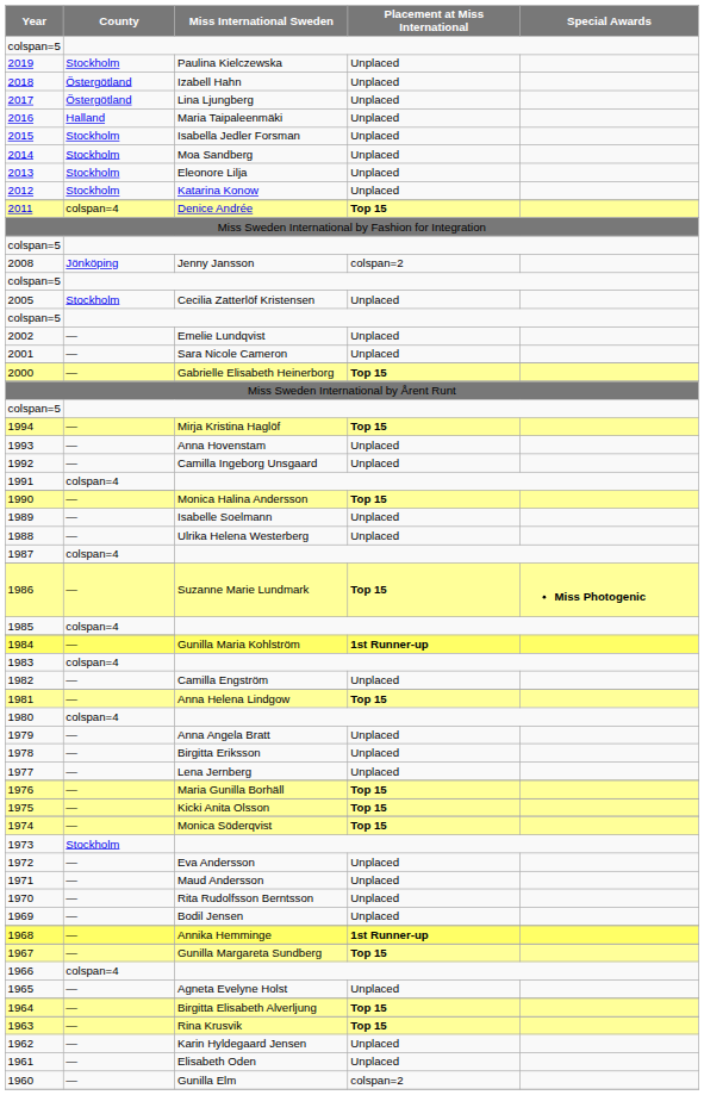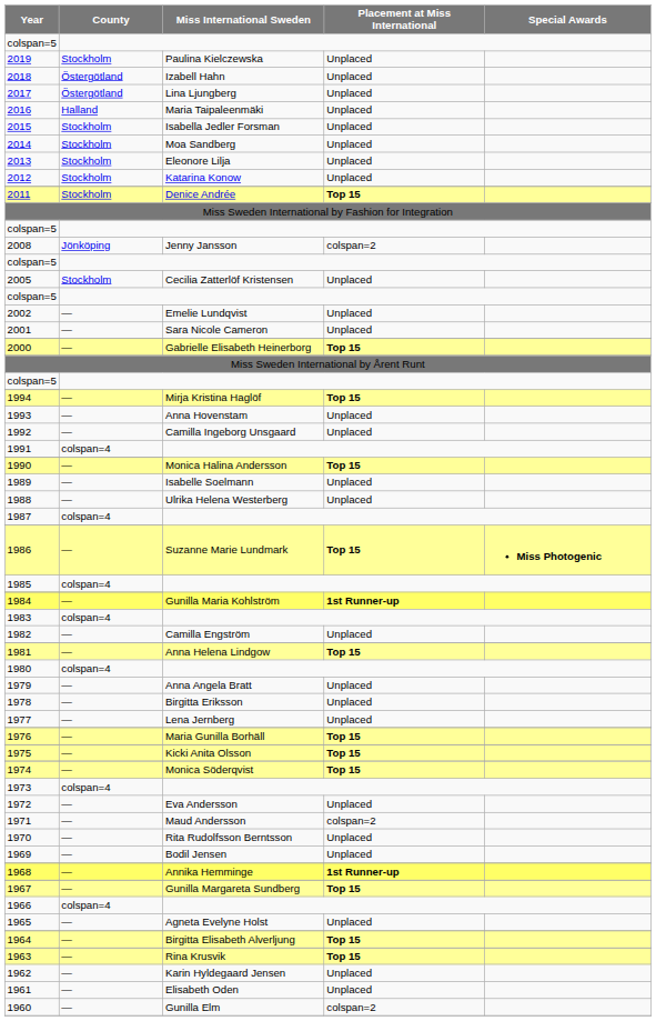 <table class="wikitable " style="font-size: 90%;">
 <tr>
 <th width="60" style="background-color:#787878;color:#FFFFFF;">Year</th>
 <th width="150" style="background-color:#787878;color:#FFFFFF;">County</th>
 <th width="250" style="background-color:#787878;color:#FFFFFF;">Miss International Sweden</th>
 <th width="250" style="background-color:#787878;color:#FFFFFF;">Placement at Miss International</th>
 <th width="250" style="background-color:#787878;color:#FFFFFF;">Special Awards</th>
 </tr>
 <tr>
 <td>colspan=5 </td>
 </tr>
 <tr>
 <td><a href='#'>2019</a></td>
 <td><a href='#'>Stockholm</a></td>
 <td>Paulina Kielczewska</td>
 <td>Unplaced</td>
 <td></td>
 </tr>
 <tr>
 <td><a href='#'>2018</a></td>
 <td><a href='#'>Östergötland</a></td>
 <td>Izabell Hahn</td>
 <td>Unplaced</td>
 <td></td>
 </tr>
 <tr>
 <td><a href='#'>2017</a></td>
 <td><a href='#'>Östergötland</a></td>
 <td>Lina Ljungberg</td>
 <td>Unplaced</td>
 <td></td>
 </tr>
 <tr>
 <td><a href='#'>2016</a></td>
 <td><a href='#'>Halland</a></td>
 <td>Maria Taipaleenmäki</td>
 <td>Unplaced</td>
 <td></td>
 </tr>
 <tr>
 <td><a href='#'>2015</a></td>
 <td><a href='#'>Stockholm</a></td>
 <td>Isabella Jedler Forsman</td>
 <td>Unplaced</td>
 </tr>
 <tr>
 <td><a href='#'>2014</a></td>
 <td><a href='#'>Stockholm</a></td>
 <td>Moa Sandberg</td>
 <td>Unplaced</td>
 <td></td>
 </tr>
 <tr>
 <td><a href='#'>2013</a></td>
 <td><a href='#'>Stockholm</a></td>
 <td>Eleonore Lilja</td>
 <td>Unplaced</td>
 <td></td>
 </tr>
 <tr>
 <td><a href='#'>2012</a></td>
 <td><a href='#'>Stockholm</a></td>
 <td><a href='#'>Katarina Konow</a></td>
 <td>Unplaced</td>
 <td></td>
 </tr>
 <tr>
 </tr>
 <tr style="background-color:#FFFF99;">
 <td><a href='#'>2011</a></td>
-<td>colspan=4 </td>
+<td><a href='#'>Stockholm</a></td>
 <td><a href='#'>Denice Andrée</a></td>
 <td><strong>Top 15</strong></td>
 <td></td>
 </tr>
 <tr>
 </tr>
 <tr bgcolor="#787878" align="center">
 <td colspan="5"><span>Miss Sweden International by Fashion for Integration</span></td>
 </tr>
 <tr>
 <td>colspan=5 </td>
 </tr>
 <tr>
 <td>2008</td>
 <td><a href='#'>Jönköping</a></td>
 <td>Jenny Jansson</td>
 <td>colspan=2 </td>
 <td></td>
 </tr>
 <tr>
 <td>colspan=5 </td>
 </tr>
 <tr>
 <td>2005</td>
 <td><a href='#'>Stockholm</a></td>
 <td>Cecilia Zatterlöf Kristensen</td>
 <td>Unplaced</td>
 <td></td>
 </tr>
 <tr>
 <td>colspan=5 </td>
 </tr>
 <tr>
 <td>2002</td>
 <td>—</td>
 <td>Emelie Lundqvist</td>
 <td>Unplaced</td>
 <td></td>
 </tr>
 <tr>
 <td>2001</td>
 <td>—</td>
 <td>Sara Nicole Cameron</td>
 <td>Unplaced</td>
 <td></td>
 </tr>
 <tr>
 </tr>
 <tr style="background-color:#FFFF99;">
 <td>2000</td>
 <td>—</td>
 <td>Gabrielle Elisabeth Heinerborg</td>
 <td><strong>Top 15</strong></td>
 <td></td>
 </tr>
 <tr>
 </tr>
 <tr bgcolor="#787878" align="center">
 <td colspan="5"><span>Miss Sweden International by Årent Runt</span></td>
 </tr>
 <tr>
 <td>colspan=5 </td>
 </tr>
 <tr>
 </tr>
 <tr style="background-color:#FFFF99;">
 <td>1994</td>
 <td>—</td>
 <td>Mirja Kristina Haglöf</td>
 <td><strong>Top 15</strong></td>
 <td></td>
 </tr>
 <tr>
 <td>1993</td>
 <td>—</td>
 <td>Anna Hovenstam</td>
 <td>Unplaced</td>
 <td></td>
 </tr>
 <tr>
 <td>1992</td>
 <td>—</td>
 <td>Camilla Ingeborg Unsgaard</td>
 <td>Unplaced</td>
 <td></td>
 </tr>
 <tr>
 <td>1991</td>
 <td>colspan=4 </td>
 </tr>
 <tr>
 </tr>
 <tr style="background-color:#FFFF99;">
 <td>1990</td>
 <td>—</td>
 <td>Monica Halina Andersson</td>
 <td><strong>Top 15</strong></td>
 <td></td>
 </tr>
 <tr>
 <td>1989</td>
 <td>—</td>
 <td>Isabelle Soelmann</td>
 <td>Unplaced</td>
 <td></td>
 </tr>
 <tr>
 <td>1988</td>
 <td>—</td>
 <td>Ulrika Helena Westerberg</td>
 <td>Unplaced</td>
 <td></td>
 </tr>
 <tr>
 <td>1987</td>
 <td>colspan=4 </td>
 </tr>
 <tr>
 </tr>
 <tr style="background-color:#FFFF99;">
 <td>1986</td>
 <td>—</td>
 <td>Suzanne Marie Lundmark</td>
 <td><strong>Top 15</strong></td>
 <td align="left"><br><ul><li><strong>Miss Photogenic</strong></li></ul></td>
 </tr>
 <tr>
 <td>1985</td>
 <td>colspan=4 </td>
 </tr>
 <tr>
 </tr>
 <tr style="background-color:#FFFF66;">
 <td>1984</td>
 <td>—</td>
 <td>Gunilla Maria Kohlström</td>
 <td><strong>1st Runner-up</strong></td>
 <td></td>
 </tr>
 <tr>
 <td>1983</td>
 <td>colspan=4 </td>
 </tr>
 <tr>
 <td>1982</td>
 <td>—</td>
 <td>Camilla Engström</td>
 <td>Unplaced</td>
 <td></td>
 </tr>
 <tr>
 </tr>
 <tr style="background-color:#FFFF99;">
 <td>1981</td>
 <td>—</td>
 <td>Anna Helena Lindgow</td>
 <td><strong>Top 15</strong></td>
 <td></td>
 </tr>
 <tr>
 <td>1980</td>
 <td>colspan=4 </td>
 </tr>
 <tr>
 <td>1979</td>
 <td>—</td>
 <td>Anna Angela Bratt</td>
 <td>Unplaced</td>
 <td></td>
 </tr>
 <tr>
 <td>1978</td>
 <td>—</td>
 <td>Birgitta Eriksson</td>
 <td>Unplaced</td>
 <td></td>
 </tr>
 <tr>
 <td>1977</td>
 <td>—</td>
 <td>Lena Jernberg</td>
 <td>Unplaced</td>
 <td></td>
 </tr>
 <tr>
 </tr>
 <tr style="background-color:#FFFF99;">
 <td>1976</td>
 <td>—</td>
 <td>Maria Gunilla Borhäll</td>
 <td><strong>Top 15</strong></td>
 <td></td>
 </tr>
 <tr>
 </tr>
 <tr style="background-color:#FFFF99;">
 <td>1975</td>
 <td>—</td>
 <td>Kicki Anita Olsson</td>
 <td><strong>Top 15</strong></td>
 <td></td>
 </tr>
 <tr>
 </tr>
 <tr style="background-color:#FFFF99;">
 <td>1974</td>
 <td>—</td>
 <td>Monica Söderqvist</td>
 <td><strong>Top 15</strong></td>
 <td></td>
 </tr>
 <tr>
 <td>1973</td>
-<td><a href='#'>Stockholm</a></td>
+<td>colspan=4 </td>
 </tr>
 <tr>
 <td>1972</td>
 <td>—</td>
 <td>Eva Andersson</td>
 <td>Unplaced</td>
 <td></td>
 </tr>
 <tr>
 <td>1971</td>
 <td>—</td>
 <td>Maud Andersson</td>
-<td>Unplaced</td>
+<td>colspan=2 </td>
 <td></td>
 </tr>
 <tr>
 <td>1970</td>
 <td>—</td>
 <td>Rita Rudolfsson Berntsson</td>
 <td>Unplaced</td>
 <td></td>
 </tr>
 <tr>
 <td>1969</td>
 <td>—</td>
 <td>Bodil Jensen</td>
 <td>Unplaced</td>
 <td></td>
 </tr>
 <tr>
 </tr>
 <tr style="background-color:#FFFF66;">
 <td>1968</td>
 <td>—</td>
 <td>Annika Hemminge</td>
 <td><strong>1st Runner-up</strong></td>
 <td></td>
 </tr>
 <tr>
 </tr>
 <tr style="background-color:#FFFF99;">
 <td>1967</td>
 <td>—</td>
 <td>Gunilla Margareta Sundberg</td>
 <td><strong>Top 15</strong></td>
 <td></td>
 </tr>
 <tr>
 <td>1966</td>
 <td>colspan=4 </td>
 </tr>
 <tr>
 <td>1965</td>
 <td>—</td>
 <td>Agneta Evelyne Holst</td>
 <td>Unplaced</td>
 <td></td>
 </tr>
 <tr>
 </tr>
 <tr style="background-color:#FFFF99;">
 <td>1964</td>
 <td>—</td>
 <td>Birgitta Elisabeth Alverljung</td>
 <td><strong>Top 15</strong></td>
 <td></td>
 </tr>
 <tr>
 </tr>
 <tr style="background-color:#FFFF99;">
 <td>1963</td>
 <td>—</td>
 <td>Rina Krusvik</td>
 <td><strong>Top 15</strong></td>
 <td></td>
 </tr>
 <tr>
 <td>1962</td>
 <td>—</td>
 <td>Karin Hyldegaard Jensen</td>
 <td>Unplaced</td>
 <td></td>
 </tr>
 <tr>
 <td>1961</td>
 <td>—</td>
 <td>Elisabeth Oden</td>
 <td>Unplaced</td>
 <td></td>
 </tr>
 <tr>
 <td>1960</td>
 <td>—</td>
 <td>Gunilla Elm</td>
 <td>colspan=2 </td>
 <td></td>
 </tr>
 <tr>
 </tr>
 </table>
